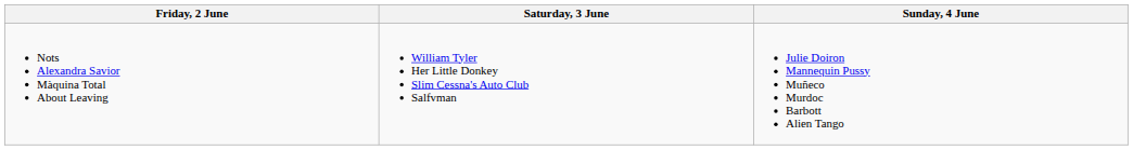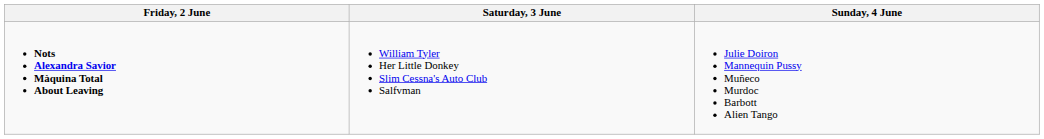 <table class="wikitable">
 <tr>
 <th width="500">Friday, 2 June</th>
 <th width="500">Saturday, 3 June</th>
 <th width="500">Sunday, 4 June</th>
 </tr>
 <tr valign="top">
-<td><br><ul><li>Nots</li><li><a href='#'>Alexandra Savior</a></li><li>Màquina Total</li><li>About Leaving</li></ul></td>
+<td><strong><br><ul><li>Nots</li><li><a href='#'>Alexandra Savior</a></li><li>Màquina Total</li><li>About Leaving</li></ul></strong></td>
 <td><br><ul><li><a href='#'>William Tyler</a></li><li>Her Little Donkey</li><li><a href='#'>Slim Cessna's Auto Club</a></li><li>Salfvman</li></ul></td>
 <td><br><ul><li><a href='#'>Julie Doiron</a></li><li><a href='#'>Mannequin Pussy</a></li><li>Muñeco</li><li>Murdoc</li><li>Barbott</li><li>Alien Tango</li></ul></td>
 </tr>
 </table>
